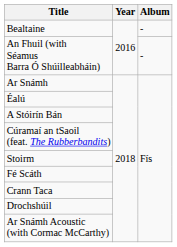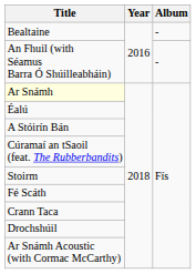 <table class="wikitable">
 <tr>
 <th>Title</th>
 <th>Year</th>
 <th>Album</th>
 </tr>
 <tr>
 <td>Bealtaine</td>
 <td rowspan="2">2016</td>
 <td>-</td>
 </tr>
 <tr>
 <td>An Fhuil (with<br>Séamus<br>Barra Ó Shúilleabháin)</td>
 <td>-</td>
 </tr>
 <tr>
-<td>Ar Snámh</td>
+<td style="background: lightyellow;">Ar Snámh</td>
 <td rowspan="9">2018</td>
 <td rowspan="9">Fís</td>
 </tr>
 <tr>
 <td>Éalú</td>
 </tr>
 <tr>
 <td>A Stóirín Bán</td>
 </tr>
 <tr>
 <td>Cúramaí an tSaoil<br>(feat. <em><a href='#'>The Rubberbandits</a></em>)</td>
 </tr>
 <tr>
 <td>Stoirm</td>
 </tr>
 <tr>
 <td>Fé Scáth</td>
 </tr>
 <tr>
 <td>Crann Taca</td>
 </tr>
 <tr>
 <td>Drochshúil</td>
 </tr>
 <tr>
 <td>Ar Snámh Acoustic<br>(with Cormac McCarthy)</td>
 </tr>
 </table>
